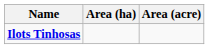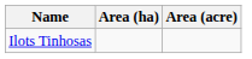 <table class="wikitable sortable">
 <tr>
 <th scope="col" align=left>Name</th>
 <th scope="col">Area (ha)</th>
 <th scope="col">Area (acre)</th>
 </tr>
 <tr ---->
-<td><strong><a href='#'>Ilots Tinhosas</a></strong></td>
+<td><a href='#'>Ilots Tinhosas</a></td>
 <td></td>
 </tr>
 </table>
